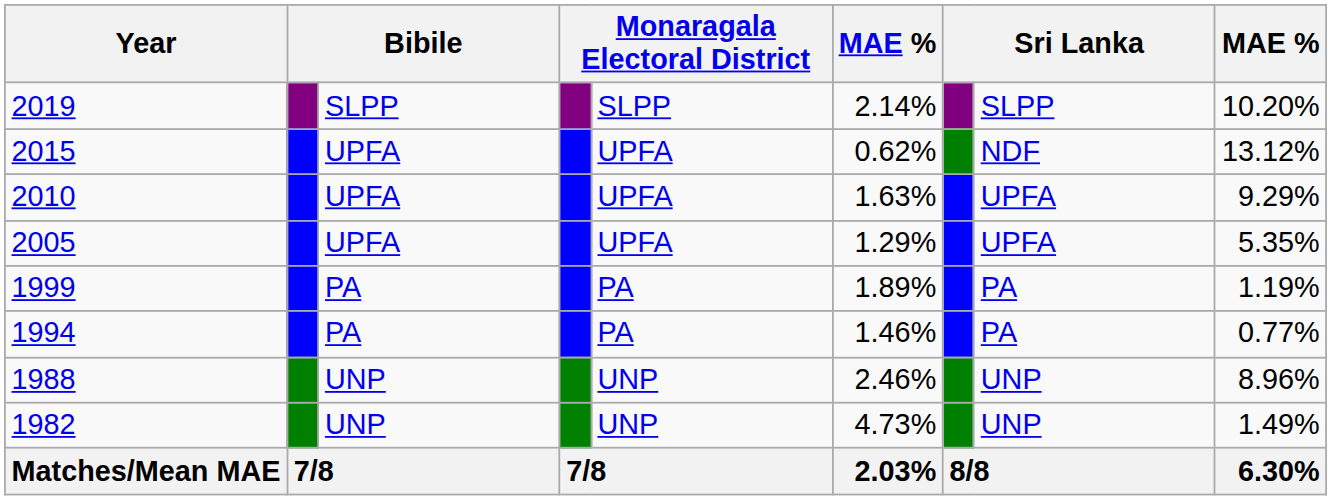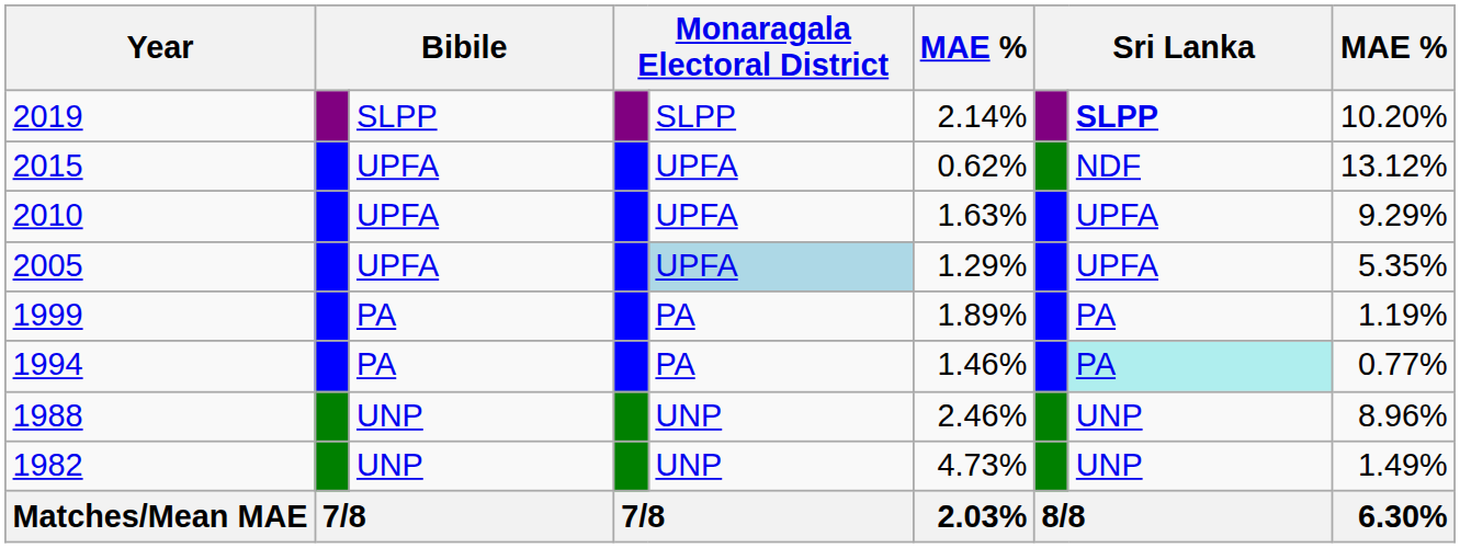 <table class="wikitable">
 <tr>
 <th>Year</th>
 <th colspan="2" width="144px">Bibile</th>
 <th colspan="2" width="144px"><a href='#'>Monaragala Electoral District</a></th>
 <th><a href='#'>MAE</a> %</th>
 <th colspan="2" width="144px">Sri Lanka</th>
 <th>MAE %</th>
 </tr>
 <tr>
 <td><a href='#'>2019</a></td>
 <td style="background-color:purple;" width="10px"></td>
 <td style="text-align:left;"><a href='#'>SLPP</a></td>
 <td style="background-color:purple;" width="10px"></td>
 <td style="text-align:left;"><a href='#'>SLPP</a></td>
 <td style="text-align:right;">2.14%</td>
 <td style="background-color:purple;" width="10px"></td>
-<td style="text-align:left;"><a href='#'>SLPP</a></td>
+<td style="text-align:left;"><strong><a href='#'>SLPP</a></strong></td>
 <td style="text-align:right;">10.20%</td>
 </tr>
 <tr>
 <td><a href='#'>2015</a></td>
 <td style="background-color:blue;" width="10px"></td>
 <td style="text-align:left;"><a href='#'>UPFA</a></td>
 <td style="background-color:blue;" width="10px"></td>
 <td style="text-align:left;"><a href='#'>UPFA</a></td>
 <td style="text-align:right;">0.62%</td>
 <td style="background-color:green;" width="10px"></td>
 <td style="text-align:left;"><a href='#'>NDF</a></td>
 <td style="text-align:right;">13.12%</td>
 </tr>
 <tr>
 <td><a href='#'>2010</a></td>
 <td style="background-color:blue;" width="10px"></td>
 <td style="text-align:left;"><a href='#'>UPFA</a></td>
 <td style="background-color:blue;" width="10px"></td>
 <td style="text-align:left;"><a href='#'>UPFA</a></td>
 <td style="text-align:right;">1.63%</td>
 <td style="background-color:blue;" width="10px"></td>
 <td style="text-align:left;"><a href='#'>UPFA</a></td>
 <td style="text-align:right;">9.29%</td>
 </tr>
 <tr>
 <td><a href='#'>2005</a></td>
 <td style="background-color:blue;" width="10px"></td>
 <td style="text-align:left;"><a href='#'>UPFA</a></td>
 <td style="background-color:blue;" width="10px"></td>
-<td style="text-align:left;"><a href='#'>UPFA</a></td>
+<td style="background: lightblue; text-align:left;"><a href='#'>UPFA</a></td>
 <td style="text-align:right;">1.29%</td>
 <td style="background-color:blue;" width="10px"></td>
 <td style="text-align:left;"><a href='#'>UPFA</a></td>
 <td style="text-align:right;">5.35%</td>
 </tr>
 <tr>
 <td><a href='#'>1999</a></td>
 <td style="background-color:blue;" width="10px"></td>
 <td style="text-align:left;"><a href='#'>PA</a></td>
 <td style="background-color:blue;" width="10px"></td>
 <td style="text-align:left;"><a href='#'>PA</a></td>
 <td style="text-align:right;">1.89%</td>
 <td style="background-color:blue;" width="10px"></td>
 <td style="text-align:left;"><a href='#'>PA</a></td>
 <td style="text-align:right;">1.19%</td>
 </tr>
 <tr>
 <td><a href='#'>1994</a></td>
 <td style="background-color:blue;" width="10px"></td>
 <td style="text-align:left;"><a href='#'>PA</a></td>
 <td style="background-color:blue;" width="10px"></td>
 <td style="text-align:left;"><a href='#'>PA</a></td>
 <td style="text-align:right;">1.46%</td>
 <td style="background-color:blue;" width="10px"></td>
-<td style="text-align:left;"><a href='#'>PA</a></td>
+<td style="background: paleturquoise; text-align:left;"><a href='#'>PA</a></td>
 <td style="text-align:right;">0.77%</td>
 </tr>
 <tr>
 <td><a href='#'>1988</a></td>
 <td style="background-color:green;" width="10px"></td>
 <td style="text-align:left;"><a href='#'>UNP</a></td>
 <td style="background-color:green;" width="10px"></td>
 <td style="text-align:left;"><a href='#'>UNP</a></td>
 <td style="text-align:right;">2.46%</td>
 <td style="background-color:green;" width="10px"></td>
 <td style="text-align:left;"><a href='#'>UNP</a></td>
 <td style="text-align:right;">8.96%</td>
 </tr>
 <tr>
 <td><a href='#'>1982</a></td>
 <td style="background-color:green;" width="10px"></td>
 <td style="text-align:left;"><a href='#'>UNP</a></td>
 <td style="background-color:green;" width="10px"></td>
 <td style="text-align:left;"><a href='#'>UNP</a></td>
 <td style="text-align:right;">4.73%</td>
 <td style="background-color:green;" width="10px"></td>
 <td style="text-align:left;"><a href='#'>UNP</a></td>
 <td style="text-align:right;">1.49%</td>
 </tr>
 <tr>
 <th>Matches/Mean MAE</th>
 <th style="text-align:left;"colspan="2" width="144px">7/8</th>
 <th style="text-align:left;"colspan="2" width="144px">7/8</th>
 <th style="text-align:right;">2.03%</th>
 <th style="text-align:left;"colspan="2" width="144px">8/8</th>
 <th style="text-align:right;">6.30%</th>
 </tr>
 </table>
